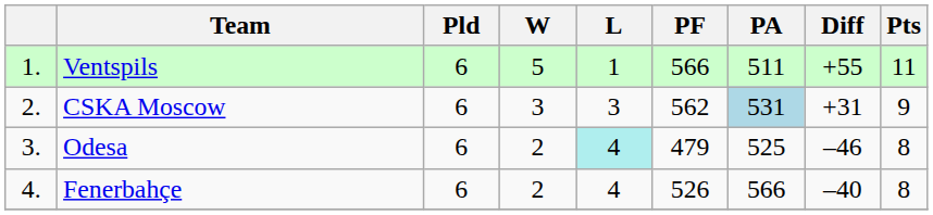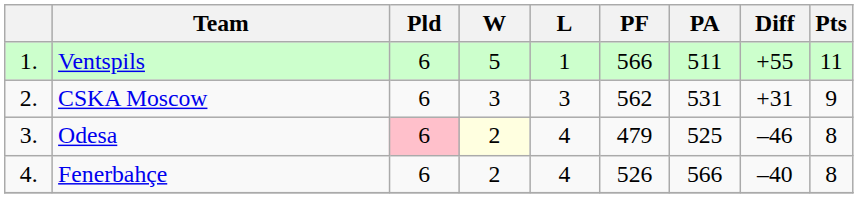 <table class="wikitable" style="text-align:center">
 <tr>
 <th width="25"></th>
 <th width="220">Team</th>
 <th width="40">Pld</th>
 <th width="40">W</th>
 <th width="40">L</th>
 <th width="40">PF</th>
 <th width="40">PA</th>
 <th width="40">Diff</th>
 <th>Pts</th>
 </tr>
 <tr style="background:#cfc;">
 <td>1.</td>
 <td align="left"> <a href='#'>Ventspils</a></td>
 <td>6</td>
 <td>5</td>
 <td>1</td>
 <td>566</td>
 <td>511</td>
 <td>+55</td>
 <td>11</td>
 </tr>
 <tr>
 <td>2.</td>
 <td align="left"> <a href='#'>CSKA Moscow</a></td>
 <td>6</td>
 <td>3</td>
 <td>3</td>
 <td>562</td>
-<td style="background: lightblue;">531</td>
+<td>531</td>
 <td>+31</td>
 <td>9</td>
 </tr>
 <tr>
 <td>3.</td>
 <td align="left"> <a href='#'>Odesa</a></td>
-<td>6</td>
-<td>2</td>
-<td style="background: paleturquoise;">4</td>
+<td style="background: pink;">6</td>
+<td style="background: lightyellow;">2</td>
+<td>4</td>
 <td>479</td>
 <td>525</td>
 <td>–46</td>
 <td>8</td>
 </tr>
 <tr>
 <td>4.</td>
 <td align="left"> <a href='#'>Fenerbahçe</a></td>
 <td>6</td>
 <td>2</td>
 <td>4</td>
 <td>526</td>
 <td>566</td>
 <td>–40</td>
 <td>8</td>
 </tr>
 <tr>
 </tr>
 </table>
